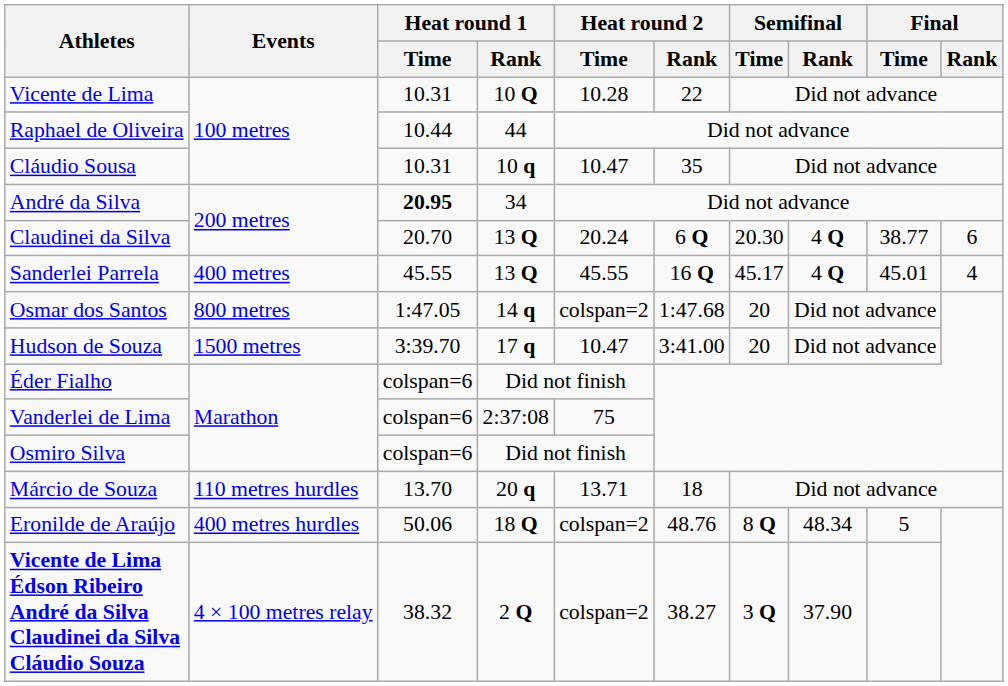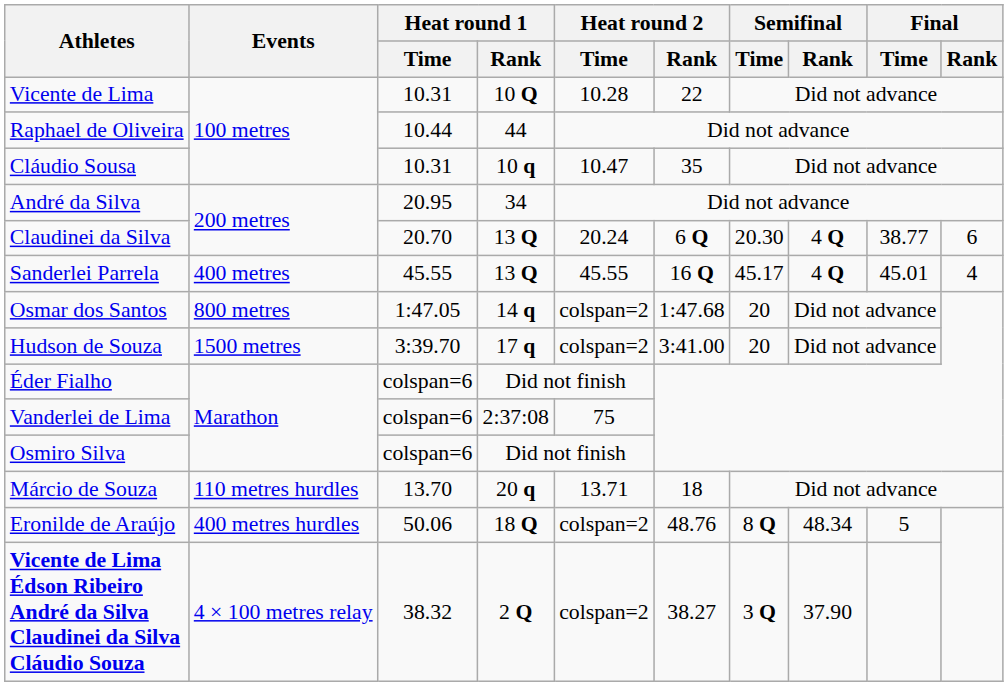 <table class=wikitable style=font-size:90%>
 <tr>
 <th rowspan=2>Athletes</th>
 <th rowspan=2>Events</th>
 <th colspan=2>Heat round 1</th>
 <th colspan=2>Heat round 2</th>
 <th colspan=2>Semifinal</th>
 <th colspan=2>Final</th>
 </tr>
 <tr>
 <th>Time</th>
 <th>Rank</th>
 <th>Time</th>
 <th>Rank</th>
 <th>Time</th>
 <th>Rank</th>
 <th>Time</th>
 <th>Rank</th>
 </tr>
 <tr>
 <td><a href='#'>Vicente de Lima</a></td>
 <td rowspan=3><a href='#'>100 metres</a></td>
 <td align=center>10.31</td>
 <td align=center>10 <strong>Q</strong></td>
 <td align=center>10.28</td>
 <td align=center>22</td>
 <td align=center colspan=4>Did not advance</td>
 </tr>
 <tr>
 <td><a href='#'>Raphael de Oliveira</a></td>
 <td align=center>10.44</td>
 <td align=center>44</td>
 <td align=center colspan=6>Did not advance</td>
 </tr>
 <tr>
 <td><a href='#'>Cláudio Sousa</a></td>
 <td align=center>10.31</td>
 <td align=center>10 <strong>q</strong></td>
 <td align=center>10.47</td>
 <td align=center>35</td>
 <td align=center colspan=4>Did not advance</td>
 </tr>
 <tr>
 <td><a href='#'>André da Silva</a></td>
 <td rowspan=2><a href='#'>200 metres</a></td>
-<td align=center><strong>20.95</strong></td>
+<td align=center>20.95</td>
 <td align=center>34</td>
 <td align=center colspan=6>Did not advance</td>
 </tr>
 <tr>
 <td><a href='#'>Claudinei da Silva</a></td>
 <td align=center>20.70</td>
 <td align=center>13 <strong>Q</strong></td>
 <td align=center>20.24</td>
 <td align=center>6 <strong>Q</strong></td>
 <td align=center>20.30</td>
 <td align=center>4 <strong>Q</strong></td>
 <td align=center>38.77</td>
 <td align=center>6</td>
 </tr>
 <tr>
 <td><a href='#'>Sanderlei Parrela</a></td>
 <td><a href='#'>400 metres</a></td>
 <td align=center>45.55</td>
 <td align=center>13 <strong>Q</strong></td>
 <td align=center>45.55</td>
 <td align=center>16 <strong>Q</strong></td>
 <td align=center>45.17</td>
 <td align=center>4 <strong>Q</strong></td>
 <td align=center>45.01</td>
 <td align=center>4</td>
 </tr>
 <tr>
 <td><a href='#'>Osmar dos Santos</a></td>
 <td><a href='#'>800 metres</a></td>
 <td align=center>1:47.05</td>
 <td align=center>14 <strong>q</strong></td>
 <td>colspan=2</td>
 <td align=center>1:47.68</td>
 <td align=center>20</td>
 <td align=center colspan=2>Did not advance</td>
 </tr>
 <tr>
 <td><a href='#'>Hudson de Souza</a></td>
 <td><a href='#'>1500 metres</a></td>
 <td align=center>3:39.70</td>
 <td align=center>17 <strong>q</strong></td>
-<td align=center>10.47</td>
+<td>colspan=2</td>
 <td align=center>3:41.00</td>
 <td align=center>20</td>
 <td align=center colspan=2>Did not advance</td>
 </tr>
 <tr>
 <td><a href='#'>Éder Fialho</a></td>
 <td rowspan=3><a href='#'>Marathon</a></td>
 <td>colspan=6</td>
 <td align=center colspan=2>Did not finish</td>
 </tr>
 <tr>
 <td><a href='#'>Vanderlei de Lima</a></td>
 <td>colspan=6</td>
 <td align=center>2:37:08</td>
 <td align=center>75</td>
 </tr>
 <tr>
 <td><a href='#'>Osmiro Silva</a></td>
 <td>colspan=6</td>
 <td align=center colspan=2>Did not finish</td>
 </tr>
 <tr>
 <td><a href='#'>Márcio de Souza</a></td>
 <td><a href='#'>110 metres hurdles</a></td>
 <td align=center>13.70</td>
 <td align=center>20 <strong>q</strong></td>
 <td align=center>13.71</td>
 <td align=center>18</td>
 <td align=center colspan=4>Did not advance</td>
 </tr>
 <tr>
 <td><a href='#'>Eronilde de Araújo</a></td>
 <td><a href='#'>400 metres hurdles</a></td>
 <td align=center>50.06</td>
 <td align=center>18 <strong>Q</strong></td>
 <td>colspan=2</td>
 <td align=center>48.76</td>
 <td align=center>8 <strong>Q</strong></td>
 <td align=center>48.34</td>
 <td align=center>5</td>
 </tr>
 <tr>
 <td><strong><a href='#'>Vicente de Lima</a><br><a href='#'>Édson Ribeiro</a><br><a href='#'>André da Silva</a><br><a href='#'>Claudinei da Silva</a><br><a href='#'>Cláudio Souza</a></strong></td>
 <td><a href='#'>4 × 100 metres relay</a></td>
 <td align=center>38.32</td>
 <td align=center>2 <strong>Q</strong></td>
 <td>colspan=2</td>
 <td align=center>38.27</td>
 <td align=center>3 <strong>Q</strong></td>
 <td align=center>37.90</td>
 <td align=center></td>
 </tr>
 </table>
